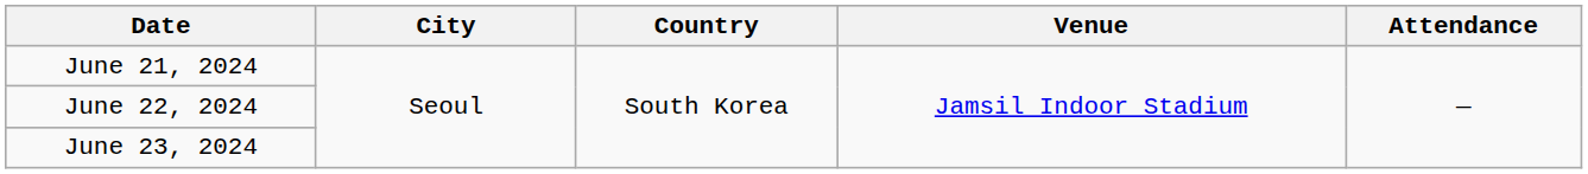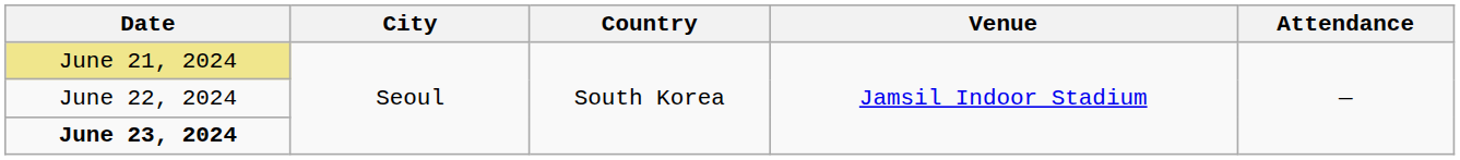 <table class="wikitable" style="text-align:center;">
 <tr>
 <th scope="col" style="width:12em">Date</th>
 <th scope="col" style="width:10em">City</th>
 <th scope="col" style="width:10em">Country</th>
 <th scope="col" style="width:20em">Venue</th>
 <th scope="col" style="width:9em">Attendance</th>
 </tr>
 <tr>
-<td>June 21, 2024</td>
+<td style="background: khaki;">June 21, 2024</td>
 <td rowspan=3>Seoul</td>
 <td rowspan=3>South Korea</td>
 <td rowspan=3><a href='#'>Jamsil Indoor Stadium</a></td>
 <td rowspan=3>—</td>
 </tr>
 <tr>
 <td>June 22, 2024</td>
 </tr>
 <tr>
-<td>June 23, 2024</td>
+<td><strong>June 23, 2024</strong></td>
 </tr>
 </table>
